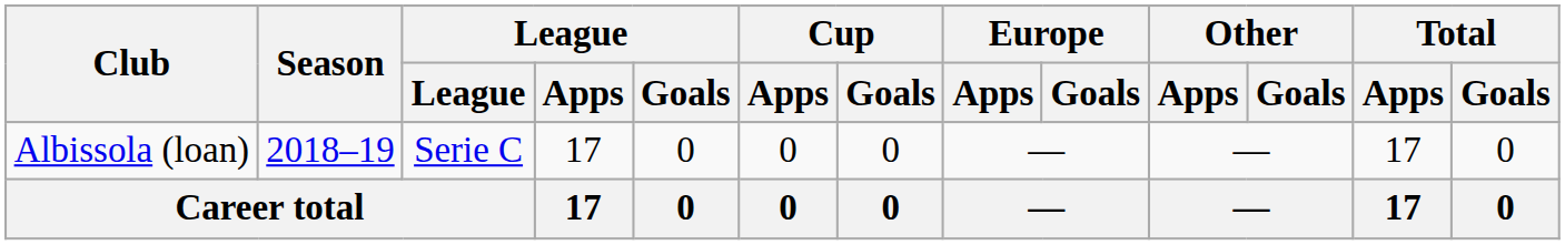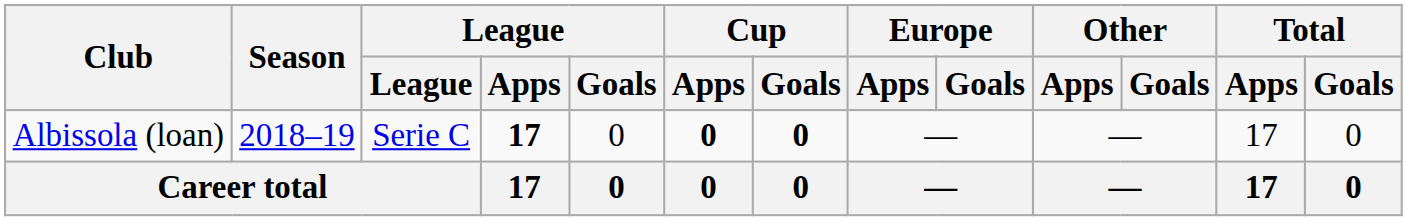 <table class="wikitable" style="text-align: center;">
 <tr>
 <th rowspan="2">Club</th>
 <th rowspan="2">Season</th>
 <th colspan="3">League</th>
 <th colspan="2">Cup</th>
 <th colspan="2">Europe</th>
 <th colspan="2">Other</th>
 <th colspan="2">Total</th>
 </tr>
 <tr>
 <th>League</th>
 <th>Apps</th>
 <th>Goals</th>
 <th>Apps</th>
 <th>Goals</th>
 <th>Apps</th>
 <th>Goals</th>
 <th>Apps</th>
 <th>Goals</th>
 <th>Apps</th>
 <th>Goals</th>
 </tr>
 <tr>
 <td><a href='#'>Albissola</a> (loan)</td>
 <td><a href='#'>2018–19</a></td>
 <td><a href='#'>Serie C</a></td>
-<td>17</td>
+<td><strong>17</strong></td>
 <td>0</td>
-<td>0</td>
-<td>0</td>
+<td><strong>0</strong></td>
+<td><strong>0</strong></td>
 <td colspan="2">—</td>
 <td colspan="2">—</td>
 <td>17</td>
 <td>0</td>
 </tr>
 <tr>
 <th colspan="3">Career total</th>
 <th>17</th>
 <th>0</th>
 <th>0</th>
 <th>0</th>
 <th colspan="2">—</th>
 <th colspan="2">—</th>
 <th>17</th>
 <th>0</th>
 </tr>
 </table>
